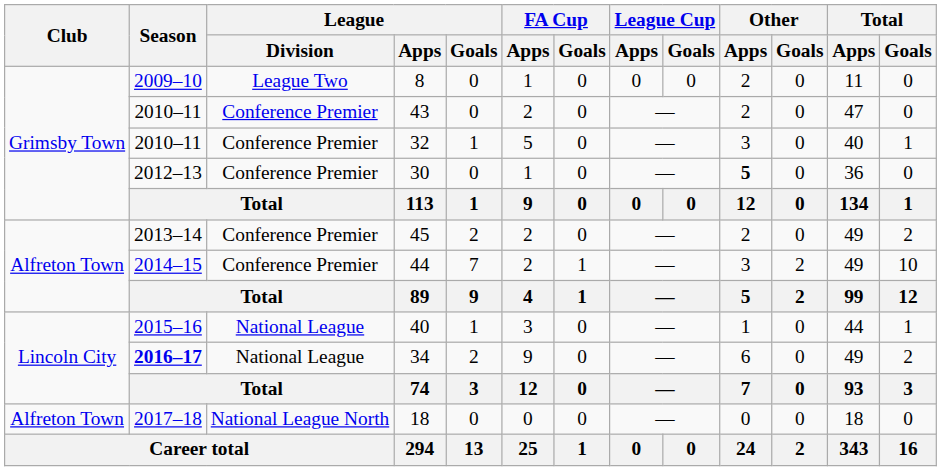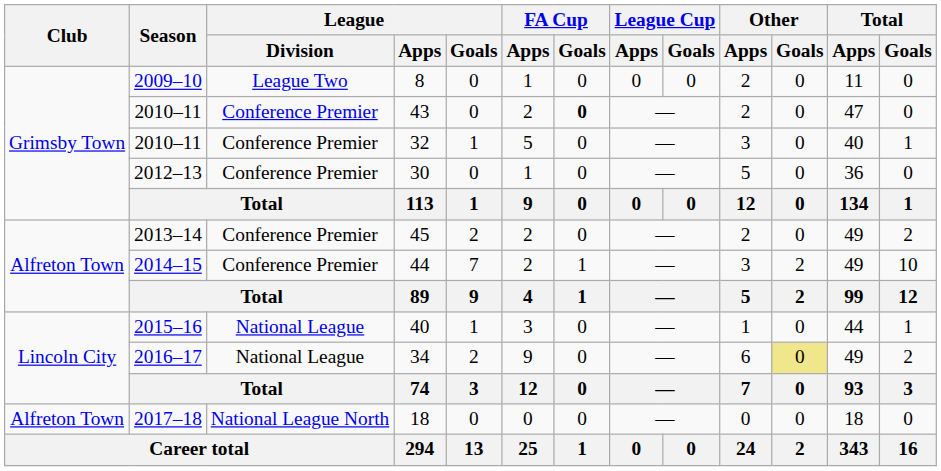 <table class="wikitable" style="text-align: center">
 <tr>
 <th rowspan=2>Club</th>
 <th rowspan=2>Season</th>
 <th colspan=3>League</th>
 <th colspan=2><a href='#'>FA Cup</a></th>
 <th colspan=2><a href='#'>League Cup</a></th>
 <th colspan=2>Other</th>
 <th colspan=3>Total</th>
 </tr>
 <tr>
 <th>Division</th>
 <th>Apps</th>
 <th>Goals</th>
 <th>Apps</th>
 <th>Goals</th>
 <th>Apps</th>
 <th>Goals</th>
 <th>Apps</th>
 <th>Goals</th>
 <th>Apps</th>
 <th>Goals</th>
 </tr>
 <tr>
 <td rowspan=5><a href='#'>Grimsby Town</a></td>
 <td><a href='#'>2009–10</a></td>
 <td><a href='#'>League Two</a></td>
 <td>8</td>
 <td>0</td>
 <td>1</td>
 <td>0</td>
 <td>0</td>
 <td>0</td>
 <td>2</td>
 <td>0</td>
 <td>11</td>
 <td>0</td>
 </tr>
 <tr>
 <td>2010–11</td>
 <td><a href='#'>Conference Premier</a></td>
 <td>43</td>
 <td>0</td>
 <td>2</td>
-<td>0</td>
+<td><strong>0</strong></td>
 <td colspan=2>—</td>
 <td>2</td>
 <td>0</td>
 <td>47</td>
 <td>0</td>
 </tr>
 <tr>
 <td>2010–11</td>
 <td>Conference Premier</td>
 <td>32</td>
 <td>1</td>
 <td>5</td>
 <td>0</td>
 <td colspan=2>—</td>
 <td>3</td>
 <td>0</td>
 <td>40</td>
 <td>1</td>
 </tr>
 <tr>
 <td>2012–13</td>
 <td>Conference Premier</td>
 <td>30</td>
 <td>0</td>
 <td>1</td>
 <td>0</td>
 <td colspan=2>—</td>
-<td><strong>5</strong></td>
+<td>5</td>
 <td>0</td>
 <td>36</td>
 <td>0</td>
 </tr>
 <tr>
 <th colspan=2>Total</th>
 <th>113</th>
 <th>1</th>
 <th>9</th>
 <th>0</th>
 <th>0</th>
 <th>0</th>
 <th>12</th>
 <th>0</th>
 <th>134</th>
 <th>1</th>
 </tr>
 <tr>
 <td rowspan=3><a href='#'>Alfreton Town</a></td>
 <td>2013–14</td>
 <td>Conference Premier</td>
 <td>45</td>
 <td>2</td>
 <td>2</td>
 <td>0</td>
 <td colspan=2>—</td>
 <td>2</td>
 <td>0</td>
 <td>49</td>
 <td>2</td>
 </tr>
 <tr>
 <td><a href='#'>2014–15</a></td>
 <td>Conference Premier</td>
 <td>44</td>
 <td>7</td>
 <td>2</td>
 <td>1</td>
 <td colspan=2>—</td>
 <td>3</td>
 <td>2</td>
 <td>49</td>
 <td>10</td>
 </tr>
 <tr>
 <th colspan=2>Total</th>
 <th>89</th>
 <th>9</th>
 <th>4</th>
 <th>1</th>
 <th colspan=2>—</th>
 <th>5</th>
 <th>2</th>
 <th>99</th>
 <th>12</th>
 </tr>
 <tr>
 <td rowspan=3><a href='#'>Lincoln City</a></td>
 <td><a href='#'>2015–16</a></td>
 <td><a href='#'>National League</a></td>
 <td>40</td>
 <td>1</td>
 <td>3</td>
 <td>0</td>
 <td colspan=2>—</td>
 <td>1</td>
 <td>0</td>
 <td>44</td>
 <td>1</td>
 </tr>
 <tr>
-<td><strong><a href='#'>2016–17</a></strong></td>
+<td><a href='#'>2016–17</a></td>
 <td>National League</td>
 <td>34</td>
 <td>2</td>
 <td>9</td>
 <td>0</td>
 <td colspan=2>—</td>
 <td>6</td>
-<td>0</td>
+<td style="background: khaki;">0</td>
 <td>49</td>
 <td>2</td>
 </tr>
 <tr>
 <th colspan=2>Total</th>
 <th>74</th>
 <th>3</th>
 <th>12</th>
 <th>0</th>
 <th colspan=2>—</th>
 <th>7</th>
 <th>0</th>
 <th>93</th>
 <th>3</th>
 </tr>
 <tr>
 <td><a href='#'>Alfreton Town</a></td>
 <td><a href='#'>2017–18</a></td>
 <td><a href='#'>National League North</a></td>
 <td>18</td>
 <td>0</td>
 <td>0</td>
 <td>0</td>
 <td colspan="2">—</td>
 <td>0</td>
 <td>0</td>
 <td>18</td>
 <td>0</td>
 </tr>
 <tr>
 <th colspan=3>Career total</th>
 <th>294</th>
 <th>13</th>
 <th>25</th>
 <th>1</th>
 <th>0</th>
 <th>0</th>
 <th>24</th>
 <th>2</th>
 <th>343</th>
 <th>16</th>
 </tr>
 </table>
